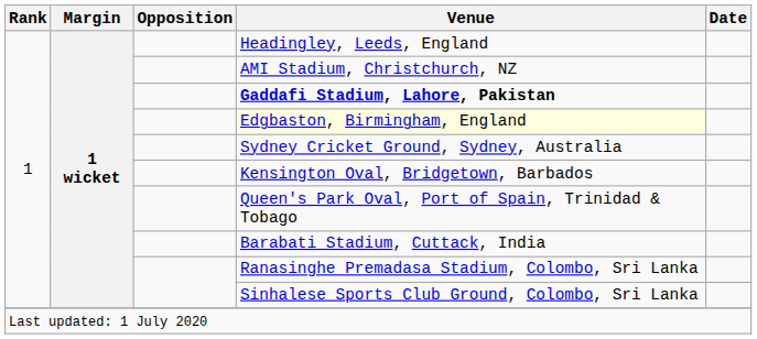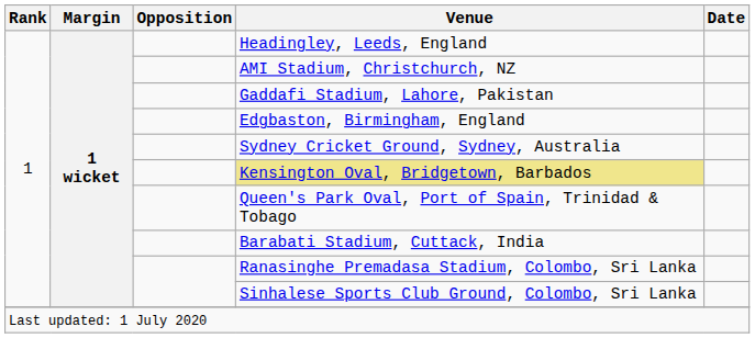 <table class="wikitable plainrowheaders sortable">
 <tr>
 <th scope=col>Rank</th>
 <th scope=col>Margin</th>
 <th scope=col>Opposition</th>
 <th scope=col>Venue</th>
 <th scope=col>Date</th>
 </tr>
 <tr>
 <td align=center rowspan=10>1</td>
 <th scope=row style=text-align:center rowspan=10>1 wicket</th>
 <td></td>
 <td><a href='#'>Headingley</a>, <a href='#'>Leeds</a>, England</td>
 <td></td>
 </tr>
 <tr>
 <td></td>
 <td><a href='#'>AMI Stadium</a>, <a href='#'>Christchurch</a>, NZ</td>
 <td></td>
 </tr>
 <tr>
 <td></td>
-<td><strong><a href='#'>Gaddafi Stadium</a>, <a href='#'>Lahore</a>, Pakistan</strong></td>
+<td><a href='#'>Gaddafi Stadium</a>, <a href='#'>Lahore</a>, Pakistan</td>
 <td> </td>
 </tr>
 <tr>
 <td></td>
-<td style="background: lightyellow;"><a href='#'>Edgbaston</a>, <a href='#'>Birmingham</a>, England</td>
+<td><a href='#'>Edgbaston</a>, <a href='#'>Birmingham</a>, England</td>
 <td></td>
 </tr>
 <tr>
 <td></td>
 <td><a href='#'>Sydney Cricket Ground</a>, <a href='#'>Sydney</a>, Australia</td>
 <td></td>
 </tr>
 <tr>
 <td></td>
-<td><a href='#'>Kensington Oval</a>, <a href='#'>Bridgetown</a>, Barbados</td>
+<td style="background: khaki;"><a href='#'>Kensington Oval</a>, <a href='#'>Bridgetown</a>, Barbados</td>
 <td> </td>
 </tr>
 <tr>
 <td></td>
 <td><a href='#'>Queen's Park Oval</a>, <a href='#'>Port of Spain</a>, Trinidad & Tobago</td>
 <td></td>
 </tr>
 <tr>
 <td></td>
 <td><a href='#'>Barabati Stadium</a>, <a href='#'>Cuttack</a>, India</td>
 <td></td>
 </tr>
 <tr>
 <td rowspan=2></td>
 <td><a href='#'>Ranasinghe Premadasa Stadium</a>, <a href='#'>Colombo</a>, Sri Lanka</td>
 <td></td>
 </tr>
 <tr>
 <td><a href='#'>Sinhalese Sports Club Ground</a>, <a href='#'>Colombo</a>, Sri Lanka</td>
 <td></td>
 </tr>
 <tr>
 </tr>
 <tr class=sortbottom>
 <td colspan=5><small>Last updated: 1 July 2020</small></td>
 </tr>
 </table>
